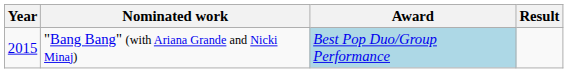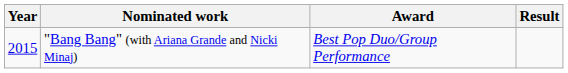 <table class="wikitable">
 <tr>
 <th>Year</th>
 <th>Nominated work</th>
 <th>Award</th>
 <th>Result</th>
 </tr>
 <tr>
 <td rowspan="2"><a href='#'>2015</a></td>
 <td rowspan="1">"<a href='#'>Bang Bang</a>" <small>(with <a href='#'>Ariana Grande</a> and <a href='#'>Nicki Minaj</a>)</small></td>
-<td style="background: lightblue;"><em><a href='#'>Best Pop Duo/Group Performance</a></em></td>
+<td><em><a href='#'>Best Pop Duo/Group Performance</a></em></td>
 <td></td>
 </tr>
 </table>
